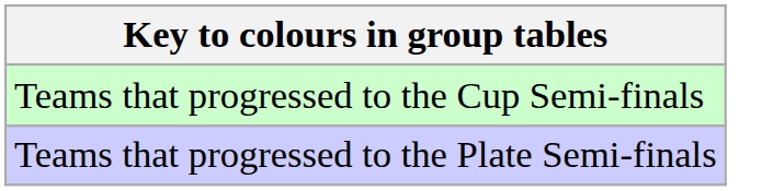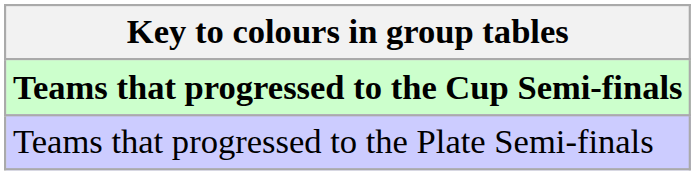 <table class="wikitable">
 <tr>
 <th>Key to colours in group tables</th>
 </tr>
 <tr bgcolor="#ccffcc">
-<td>Teams that progressed to the Cup Semi-finals</td>
+<td><strong>Teams that progressed to the Cup Semi-finals</strong></td>
 </tr>
 <tr bgcolor="#ccccff">
 <td>Teams that progressed to the Plate Semi-finals</td>
 </tr>
 </table>
